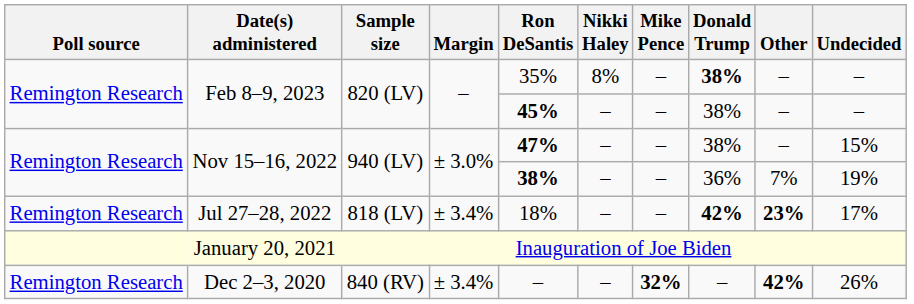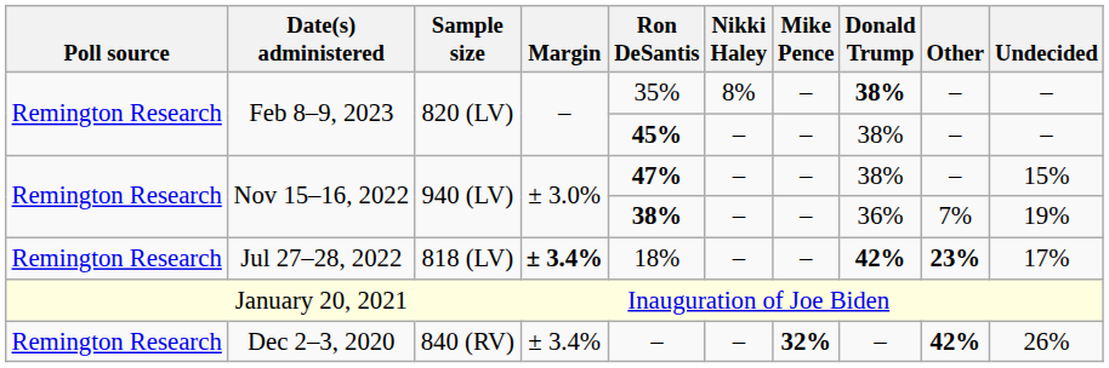 <table class="wikitable mw-datatable" style="font-size:90%;text-align:center;">
 <tr valign=bottom style="font-size:90%;">
 <th>Poll source</th>
 <th>Date(s)<br>administered</th>
 <th>Sample<br>size</th>
 <th>Margin<br></th>
 <th>Ron<br>DeSantis</th>
 <th>Nikki<br>Haley</th>
 <th>Mike<br>Pence</th>
 <th>Donald<br>Trump</th>
 <th>Other</th>
 <th>Undecided</th>
 </tr>
 <tr>
 <td rowspan="2"><a href='#'>Remington Research</a></td>
 <td rowspan="2">Feb 8–9, 2023</td>
 <td rowspan="2">820 (LV)</td>
 <td rowspan="2">–</td>
 <td>35%</td>
 <td>8%</td>
 <td>–</td>
 <td><strong>38%</strong></td>
 <td>–</td>
 <td>–</td>
 </tr>
 <tr>
 <td><strong>45%</strong></td>
 <td>–</td>
 <td>–</td>
 <td>38%</td>
 <td>–</td>
 <td>–</td>
 </tr>
 <tr>
 <td rowspan="2"><a href='#'>Remington Research</a></td>
 <td rowspan="2">Nov 15–16, 2022</td>
 <td rowspan="2">940 (LV)</td>
 <td rowspan="2">± 3.0%</td>
 <td><strong>47%</strong></td>
 <td>–</td>
 <td>–</td>
 <td>38%</td>
 <td>–</td>
 <td>15%</td>
 </tr>
 <tr>
 <td><strong>38%</strong></td>
 <td>–</td>
 <td>–</td>
 <td>36%</td>
 <td>7%</td>
 <td>19%</td>
 </tr>
 <tr>
 <td><a href='#'>Remington Research</a></td>
 <td>Jul 27–28, 2022</td>
 <td>818 (LV)</td>
-<td>± 3.4%</td>
+<td><strong>± 3.4%</strong></td>
 <td>18%</td>
 <td>–</td>
 <td>–</td>
 <td><strong>42%</strong></td>
 <td><strong>23%</strong></td>
 <td>17%</td>
 </tr>
 <tr>
 <td style="border-right-style:hidden; background:lightyellow;"></td>
 <td style="border-right-style:hidden; background:lightyellow;">January 20, 2021</td>
 <td colspan="15" style="background:lightyellow;"><a href='#'>Inauguration of Joe Biden</a></td>
 </tr>
 <tr>
 <td><a href='#'>Remington Research</a></td>
 <td>Dec 2–3, 2020</td>
 <td>840 (RV)</td>
 <td>± 3.4%</td>
 <td>–</td>
 <td>–</td>
 <td><strong>32%</strong></td>
 <td>–</td>
 <td><strong>42%</strong></td>
 <td>26%</td>
 </tr>
 </table>
